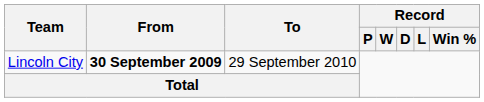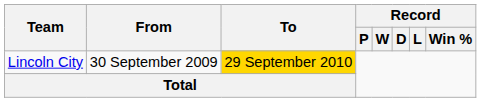 <table class="wikitable" style="text-align: center">
 <tr>
 <th rowspan="2">Team</th>
 <th rowspan="2">From</th>
 <th rowspan="2">To</th>
 <th colspan="7">Record</th>
 </tr>
 <tr>
 <th>P</th>
 <th>W</th>
 <th>D</th>
 <th>L</th>
 <th>Win %</th>
 </tr>
 <tr>
 <td align=left><a href='#'>Lincoln City</a></td>
-<td align=left><strong>30 September 2009</strong></td>
-<td align=left>29 September 2010<br></td>
+<td align=left>30 September 2009</td>
+<td align=left style="background: gold;">29 September 2010<br></td>
 </tr>
 <tr>
 <th colspan="3">Total<br></th>
 </tr>
 </table>
